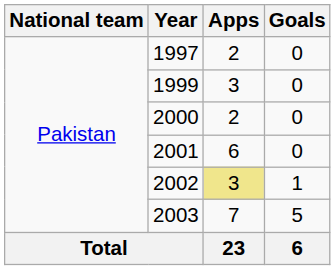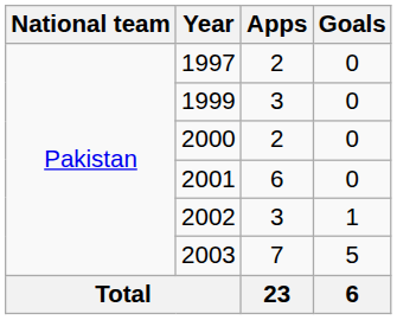 <table class="wikitable" style="text-align:center">
 <tr>
 <th>National team</th>
 <th>Year</th>
 <th>Apps</th>
 <th>Goals</th>
 </tr>
 <tr>
 <td rowspan="6"><a href='#'>Pakistan</a></td>
 <td>1997</td>
 <td>2</td>
 <td>0</td>
 </tr>
 <tr>
 <td>1999</td>
 <td>3</td>
 <td>0</td>
 </tr>
 <tr>
 <td>2000</td>
 <td>2</td>
 <td>0</td>
 </tr>
 <tr>
 <td>2001</td>
 <td>6</td>
 <td>0</td>
 </tr>
 <tr>
 <td>2002</td>
-<td style="background: khaki;">3</td>
+<td>3</td>
 <td>1</td>
 </tr>
 <tr>
 <td>2003</td>
 <td>7</td>
 <td>5</td>
 </tr>
 <tr>
 <th colspan="2">Total</th>
 <th>23</th>
 <th>6</th>
 </tr>
 </table>
